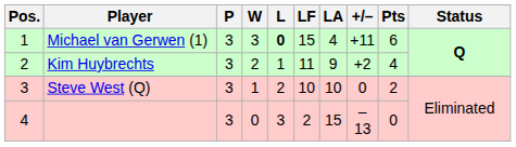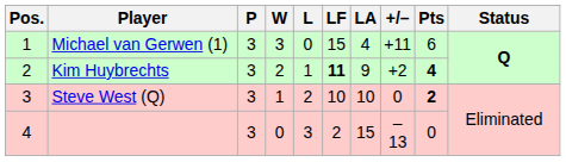 <table class="wikitable" style="text-align:center; margin: 1em auto 1em auto, align:left">
 <tr>
 <th width=20>Pos.</th>
 <th width=175>Player</th>
 <th width=20>P</th>
 <th width=20>W</th>
 <th width=20>L</th>
 <th width=20>LF</th>
 <th width=20>LA</th>
 <th width=25>+/–</th>
 <th width=20>Pts</th>
 <th width=100>Status</th>
 </tr>
 <tr style="background:#CCFFCC;">
 <td>1</td>
 <td style="text-align:left;"> <a href='#'>Michael van Gerwen</a> (1)</td>
 <td>3</td>
 <td>3</td>
-<td><strong>0</strong></td>
+<td>0</td>
 <td>15</td>
 <td>4</td>
 <td>+11</td>
 <td>6</td>
 <td rowspan=2><strong>Q</strong></td>
 </tr>
 <tr style="background:#CCFFCC;">
 <td>2</td>
 <td style="text-align:left;"> <a href='#'>Kim Huybrechts</a></td>
 <td>3</td>
 <td>2</td>
 <td>1</td>
-<td>11</td>
+<td><strong>11</strong></td>
 <td>9</td>
 <td>+2</td>
-<td>4</td>
+<td><strong>4</strong></td>
 </tr>
 <tr style="background:#FFCCCC;">
 <td>3</td>
 <td style="text-align:left;"> <a href='#'>Steve West</a> (Q)</td>
 <td>3</td>
 <td>1</td>
 <td>2</td>
 <td>10</td>
 <td>10</td>
 <td>0</td>
-<td>2</td>
+<td><strong>2</strong></td>
 <td rowspan=2>Eliminated</td>
 </tr>
 <tr style="background:#FFCCCC;">
 <td>4</td>
 <td style="text-align:left;"></td>
 <td>3</td>
 <td>0</td>
 <td>3</td>
 <td>2</td>
 <td>15</td>
 <td>–13</td>
 <td>0</td>
 </tr>
 </table>
